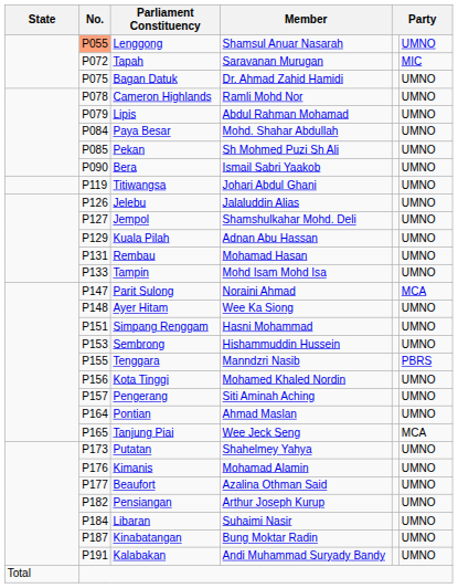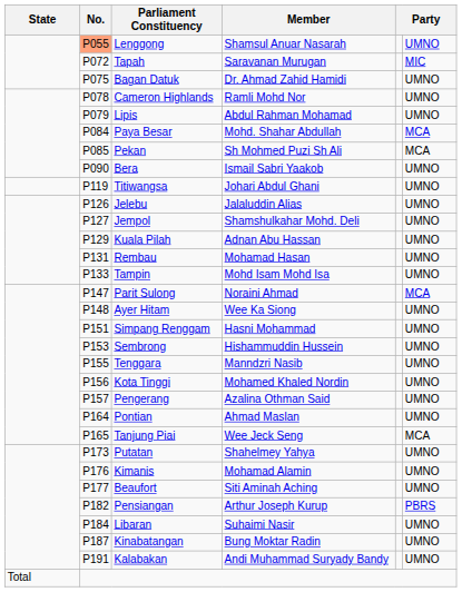 <table class ="wikitable sortable">
 <tr>
 <th style="width:100px;">State</th>
 <th style="width:30px;">No.</th>
 <th style="width:150px;">Parliament Constituency</th>
 <th style="width:240px;">Member</th>
 <th style="width:80px;" colspan=2>Party</th>
 </tr>
 <tr>
 <td rowspan=3></td>
 <td style="background: lightsalmon;">P055</td>
 <td><a href='#'>Lenggong</a></td>
 <td><a href='#'>Shamsul Anuar Nasarah</a></td>
 <td></td>
 <td><a href='#'>UMNO</a></td>
 </tr>
 <tr>
 <td>P072</td>
 <td><a href='#'>Tapah</a></td>
 <td><a href='#'>Saravanan Murugan</a></td>
 <td></td>
 <td><a href='#'>MIC</a></td>
 </tr>
 <tr>
 <td>P075</td>
 <td><a href='#'>Bagan Datuk</a></td>
 <td><a href='#'>Dr. Ahmad Zahid Hamidi</a></td>
 <td></td>
 <td>UMNO</td>
 </tr>
 <tr>
 <td rowspan=5></td>
 <td>P078</td>
 <td><a href='#'>Cameron Highlands</a></td>
 <td><a href='#'>Ramli Mohd Nor</a></td>
 <td></td>
 <td>UMNO</td>
 </tr>
 <tr>
 <td>P079</td>
 <td><a href='#'>Lipis</a></td>
 <td><a href='#'>Abdul Rahman Mohamad</a></td>
 <td></td>
 <td>UMNO</td>
 </tr>
 <tr>
 <td>P084</td>
 <td><a href='#'>Paya Besar</a></td>
 <td><a href='#'>Mohd. Shahar Abdullah</a></td>
 <td></td>
-<td>UMNO</td>
+<td><a href='#'>MCA</a></td>
 </tr>
 <tr>
 <td>P085</td>
 <td><a href='#'>Pekan</a></td>
 <td><a href='#'>Sh Mohmed Puzi Sh Ali</a></td>
 <td></td>
-<td>UMNO</td>
+<td>MCA</td>
 </tr>
 <tr>
 <td>P090</td>
 <td><a href='#'>Bera</a></td>
 <td><a href='#'>Ismail Sabri Yaakob</a></td>
 <td></td>
 <td>UMNO</td>
 </tr>
 <tr>
 <td></td>
 <td>P119</td>
 <td><a href='#'>Titiwangsa</a></td>
 <td><a href='#'>Johari Abdul Ghani</a></td>
 <td></td>
 <td>UMNO</td>
 </tr>
 <tr>
 <td rowspan=5></td>
 <td>P126</td>
 <td><a href='#'>Jelebu</a></td>
 <td><a href='#'>Jalaluddin Alias</a></td>
 <td></td>
 <td>UMNO</td>
 </tr>
 <tr>
 <td>P127</td>
 <td><a href='#'>Jempol</a></td>
 <td><a href='#'>Shamshulkahar Mohd. Deli</a></td>
 <td></td>
 <td>UMNO</td>
 </tr>
 <tr>
 <td>P129</td>
 <td><a href='#'>Kuala Pilah</a></td>
 <td><a href='#'>Adnan Abu Hassan</a></td>
 <td></td>
 <td>UMNO</td>
 </tr>
 <tr>
 <td>P131</td>
 <td><a href='#'>Rembau</a></td>
 <td><a href='#'>Mohamad Hasan</a></td>
 <td></td>
 <td>UMNO</td>
 </tr>
 <tr>
 <td>P133</td>
 <td><a href='#'>Tampin</a></td>
 <td><a href='#'>Mohd Isam Mohd Isa</a></td>
 <td></td>
 <td>UMNO</td>
 </tr>
 <tr>
 <td rowspan="9"></td>
 <td>P147</td>
 <td><a href='#'>Parit Sulong</a></td>
 <td><a href='#'>Noraini Ahmad</a></td>
 <td></td>
 <td><a href='#'>MCA</a></td>
 </tr>
 <tr>
 <td>P148</td>
 <td><a href='#'>Ayer Hitam</a></td>
 <td><a href='#'>Wee Ka Siong</a></td>
 <td></td>
 <td>UMNO</td>
 </tr>
 <tr>
 <td>P151</td>
 <td><a href='#'>Simpang Renggam</a></td>
 <td><a href='#'>Hasni Mohammad</a></td>
 <td></td>
 <td>UMNO</td>
 </tr>
 <tr>
 <td>P153</td>
 <td><a href='#'>Sembrong</a></td>
 <td><a href='#'>Hishammuddin Hussein</a></td>
 <td></td>
 <td>UMNO</td>
 </tr>
 <tr>
 <td>P155</td>
 <td><a href='#'>Tenggara</a></td>
 <td><a href='#'>Manndzri Nasib</a></td>
 <td></td>
-<td><a href='#'>PBRS</a></td>
+<td>UMNO</td>
 </tr>
 <tr>
 <td>P156</td>
 <td><a href='#'>Kota Tinggi</a></td>
 <td><a href='#'>Mohamed Khaled Nordin</a></td>
 <td></td>
 <td>UMNO</td>
 </tr>
 <tr>
 <td>P157</td>
 <td><a href='#'>Pengerang</a></td>
-<td><a href='#'>Siti Aminah Aching</a></td>
+<td><a href='#'>Azalina Othman Said</a></td>
 <td></td>
 <td>UMNO</td>
 </tr>
 <tr>
 <td>P164</td>
 <td><a href='#'>Pontian</a></td>
 <td><a href='#'>Ahmad Maslan</a></td>
 <td></td>
 <td>UMNO</td>
 </tr>
 <tr>
 <td>P165</td>
 <td><a href='#'>Tanjung Piai</a></td>
 <td><a href='#'>Wee Jeck Seng</a></td>
 <td></td>
 <td>MCA</td>
 </tr>
 <tr>
 <td rowspan=7></td>
 <td>P173</td>
 <td><a href='#'>Putatan</a></td>
 <td><a href='#'>Shahelmey Yahya</a></td>
 <td></td>
 <td>UMNO</td>
 </tr>
 <tr>
 <td>P176</td>
 <td><a href='#'>Kimanis</a></td>
 <td><a href='#'>Mohamad Alamin</a></td>
 <td></td>
 <td>UMNO</td>
 </tr>
 <tr>
 <td>P177</td>
 <td><a href='#'>Beaufort</a></td>
-<td><a href='#'>Azalina Othman Said</a></td>
+<td><a href='#'>Siti Aminah Aching</a></td>
 <td></td>
 <td>UMNO</td>
 </tr>
 <tr>
 <td>P182</td>
 <td><a href='#'>Pensiangan</a></td>
 <td><a href='#'>Arthur Joseph Kurup</a></td>
 <td></td>
-<td>UMNO</td>
+<td><a href='#'>PBRS</a></td>
 </tr>
 <tr>
 <td>P184</td>
 <td><a href='#'>Libaran</a></td>
 <td><a href='#'>Suhaimi Nasir</a></td>
 <td></td>
 <td>UMNO</td>
 </tr>
 <tr>
 <td>P187</td>
 <td><a href='#'>Kinabatangan</a></td>
 <td><a href='#'>Bung Moktar Radin</a></td>
 <td></td>
 <td>UMNO</td>
 </tr>
 <tr>
 <td>P191</td>
 <td><a href='#'>Kalabakan</a></td>
 <td><a href='#'>Andi Muhammad Suryady Bandy</a></td>
 <td></td>
 <td>UMNO</td>
 </tr>
 <tr>
 <td>Total</td>
 <td style="width:30px;" colspan=6></td>
 </tr>
 </table>
